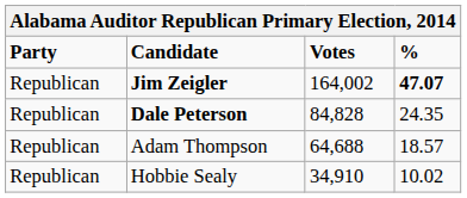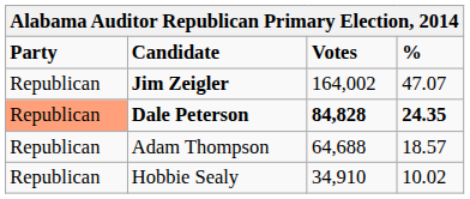 <table class="wikitable">
 <tr>
 <th colspan="4">Alabama Auditor Republican Primary Election, 2014</th>
 </tr>
 <tr>
 <td><strong>Party</strong></td>
 <td><strong>Candidate</strong></td>
 <td><strong>Votes</strong></td>
 <td><strong>%</strong></td>
 </tr>
 <tr>
 <td>Republican</td>
 <td><strong>Jim Zeigler</strong></td>
 <td>164,002</td>
-<td><strong>47.07</strong></td>
+<td>47.07</td>
 </tr>
 <tr>
-<td>Republican</td>
+<td style="background: lightsalmon;">Republican</td>
 <td><strong>Dale Peterson</strong></td>
-<td>84,828</td>
-<td>24.35</td>
+<td><strong>84,828</strong></td>
+<td><strong>24.35</strong></td>
 </tr>
 <tr>
 <td>Republican</td>
 <td>Adam Thompson</td>
 <td>64,688</td>
 <td>18.57</td>
 </tr>
 <tr>
 <td>Republican</td>
 <td>Hobbie Sealy</td>
 <td>34,910</td>
 <td>10.02</td>
 </tr>
 </table>
